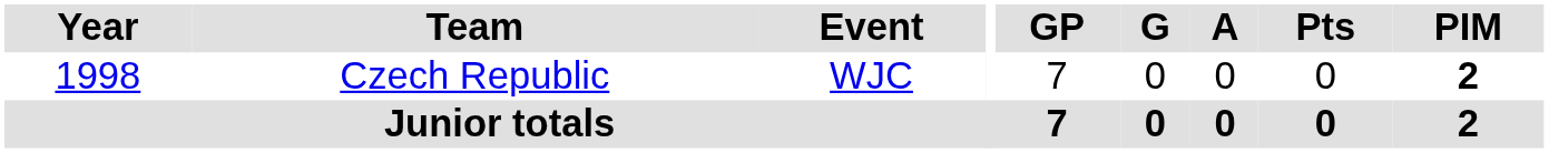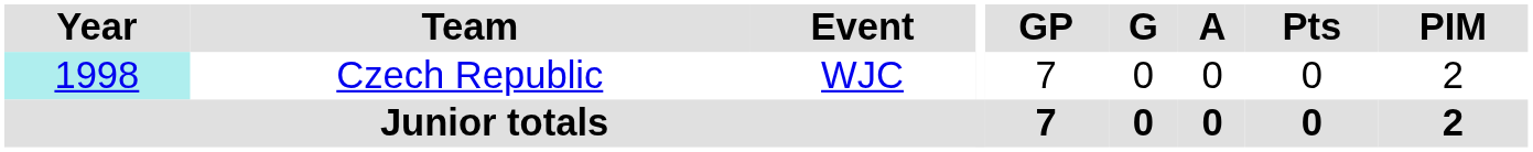 <table border="0" cellpadding="1" cellspacing="0" ID="Table3" style="text-align:center; width:40em">
 <tr bgcolor="#e0e0e0">
 <th>Year</th>
 <th>Team</th>
 <th>Event</th>
 <th rowspan="102" bgcolor="#ffffff"></th>
 <th>GP</th>
 <th>G</th>
 <th>A</th>
 <th>Pts</th>
 <th>PIM</th>
 </tr>
 <tr>
-<td><a href='#'>1998</a></td>
+<td style="background: paleturquoise;"><a href='#'>1998</a></td>
 <td><a href='#'>Czech Republic</a></td>
 <td><a href='#'>WJC</a></td>
 <td>7</td>
 <td>0</td>
 <td>0</td>
 <td>0</td>
-<td><strong>2</strong></td>
+<td>2</td>
 </tr>
 <tr bgcolor="#e0e0e0">
 <th colspan="4">Junior totals</th>
 <th>7</th>
 <th>0</th>
 <th>0</th>
 <th>0</th>
 <th>2</th>
 </tr>
 </table>
